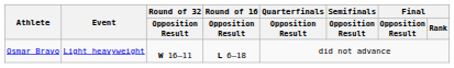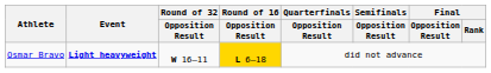 <table class="wikitable" style="font-size:90%">
 <tr>
 <th rowspan="2">Athlete</th>
 <th rowspan="2">Event</th>
 <th>Round of 32</th>
 <th>Round of 16</th>
 <th>Quarterfinals</th>
 <th>Semifinals</th>
 <th colspan=2>Final</th>
 </tr>
 <tr style="font-size:95%">
 <th>Opposition<br>Result</th>
 <th>Opposition<br>Result</th>
 <th>Opposition<br>Result</th>
 <th>Opposition<br>Result</th>
 <th>Opposition<br>Result</th>
 <th>Rank</th>
 </tr>
 <tr align=center>
 <td align=left><a href='#'>Osmar Bravo</a></td>
-<td align=left><a href='#'>Light heavyweight</a></td>
+<td align=left><strong><a href='#'>Light heavyweight</a></strong></td>
 <td><br><strong>W</strong> 16–11</td>
-<td><br><strong>L</strong> 6–18</td>
+<td style="background: gold;"><br><strong>L</strong> 6–18</td>
 <td colspan=4>did not advance</td>
 </tr>
 </table>
